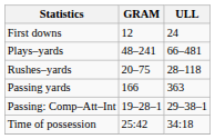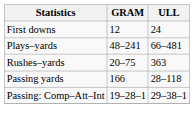 <table class="wikitable" style="float: left;">
 <tr>
 <th>Statistics</th>
 <th>GRAM</th>
 <th>ULL</th>
 </tr>
 <tr>
 <td>First downs</td>
 <td>12</td>
 <td>24</td>
 </tr>
 <tr>
 <td>Plays–yards</td>
 <td>48–241</td>
 <td>66–481</td>
 </tr>
 <tr>
 <td>Rushes–yards</td>
 <td>20–75</td>
-<td>28–118</td>
+<td>363</td>
 </tr>
 <tr>
 <td>Passing yards</td>
 <td>166</td>
-<td>363</td>
+<td>28–118</td>
 </tr>
 <tr>
 <td>Passing: Comp–Att–Int</td>
 <td>19–28–1</td>
 <td>29–38–1</td>
 </tr>
 <tr>
-<td>Time of possession</td>
-<td>25:42</td>
-<td>34:18</td>
-</tr>
-<tr>
 </tr>
 </table>
